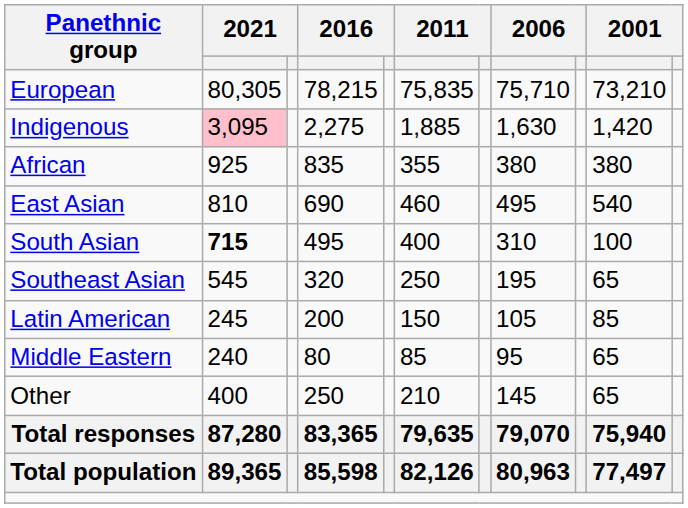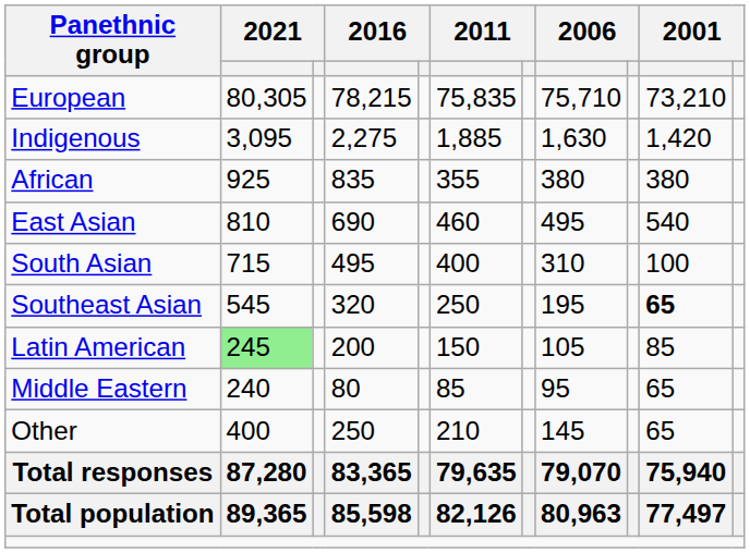 <table class="wikitable collapsible sortable">
 <tr>
 <th rowspan="2"><a href='#'>Panethnic</a><br>group</th>
 <th colspan="2">2021</th>
 <th colspan="2">2016</th>
 <th colspan="2">2011</th>
 <th colspan="2">2006</th>
 <th colspan="2">2001</th>
 </tr>
 <tr>
 <th><a href='#'></a></th>
 <th></th>
 <th></th>
 <th></th>
 <th></th>
 <th></th>
 <th></th>
 <th></th>
 <th></th>
 <th></th>
 </tr>
 <tr>
 <td><a href='#'>European</a></td>
 <td>80,305</td>
 <td></td>
 <td>78,215</td>
 <td></td>
 <td>75,835</td>
 <td></td>
 <td>75,710</td>
 <td></td>
 <td>73,210</td>
 <td></td>
 </tr>
 <tr>
 <td><a href='#'>Indigenous</a></td>
-<td style="background: pink;">3,095</td>
+<td>3,095</td>
 <td></td>
 <td>2,275</td>
 <td></td>
 <td>1,885</td>
 <td></td>
 <td>1,630</td>
 <td></td>
 <td>1,420</td>
 <td></td>
 </tr>
 <tr>
 <td><a href='#'>African</a></td>
 <td>925</td>
 <td></td>
 <td>835</td>
 <td></td>
 <td>355</td>
 <td></td>
 <td>380</td>
 <td></td>
 <td>380</td>
 <td></td>
 </tr>
 <tr>
 <td><a href='#'>East Asian</a></td>
 <td>810</td>
 <td></td>
 <td>690</td>
 <td></td>
 <td>460</td>
 <td></td>
 <td>495</td>
 <td></td>
 <td>540</td>
 <td></td>
 </tr>
 <tr>
 <td><a href='#'>South Asian</a></td>
-<td><strong>715</strong></td>
+<td>715</td>
 <td></td>
 <td>495</td>
 <td></td>
 <td>400</td>
 <td></td>
 <td>310</td>
 <td></td>
 <td>100</td>
 <td></td>
 </tr>
 <tr>
 <td><a href='#'>Southeast Asian</a></td>
 <td>545</td>
 <td></td>
 <td>320</td>
 <td></td>
 <td>250</td>
 <td></td>
 <td>195</td>
 <td></td>
-<td>65</td>
+<td><strong>65</strong></td>
 <td></td>
 </tr>
 <tr>
 <td><a href='#'>Latin American</a></td>
-<td>245</td>
+<td style="background: lightgreen;">245</td>
 <td></td>
 <td>200</td>
 <td></td>
 <td>150</td>
 <td></td>
 <td>105</td>
 <td></td>
 <td>85</td>
 <td></td>
 </tr>
 <tr>
 <td><a href='#'>Middle Eastern</a></td>
 <td>240</td>
 <td></td>
 <td>80</td>
 <td></td>
 <td>85</td>
 <td></td>
 <td>95</td>
 <td></td>
 <td>65</td>
 <td></td>
 </tr>
 <tr>
 <td>Other</td>
 <td>400</td>
 <td></td>
 <td>250</td>
 <td></td>
 <td>210</td>
 <td></td>
 <td>145</td>
 <td></td>
 <td>65</td>
 <td></td>
 </tr>
 <tr>
 <th>Total responses</th>
 <th>87,280</th>
 <th></th>
 <th>83,365</th>
 <th></th>
 <th>79,635</th>
 <th></th>
 <th>79,070</th>
 <th></th>
 <th>75,940</th>
 <th></th>
 </tr>
 <tr>
 <th>Total population</th>
 <th>89,365</th>
 <th></th>
 <th>85,598</th>
 <th></th>
 <th>82,126</th>
 <th></th>
 <th>80,963</th>
 <th></th>
 <th>77,497</th>
 <th></th>
 </tr>
 <tr class="sortbottom">
 <td colspan="15"></td>
 </tr>
 </table>
